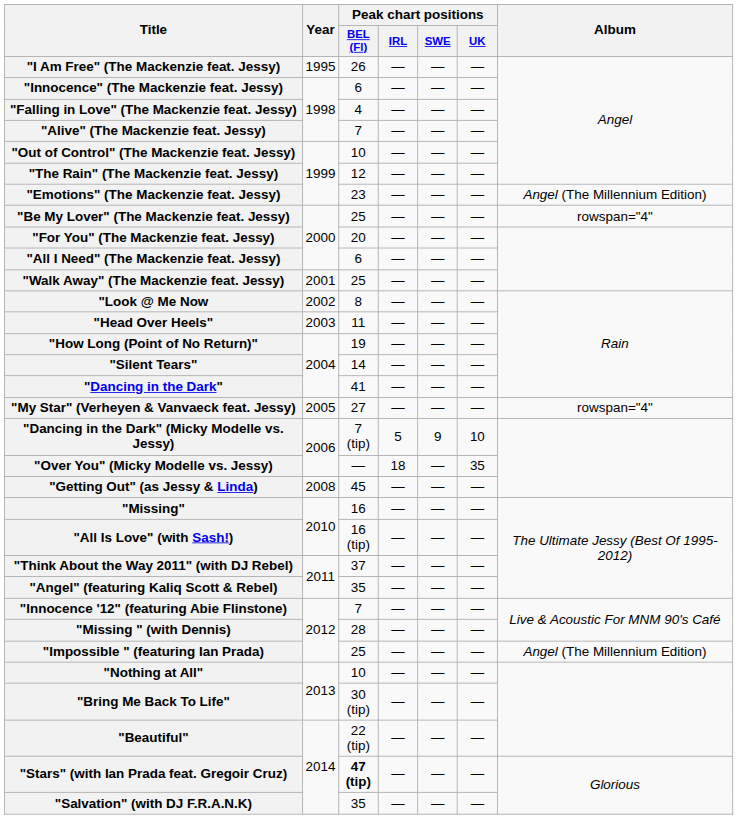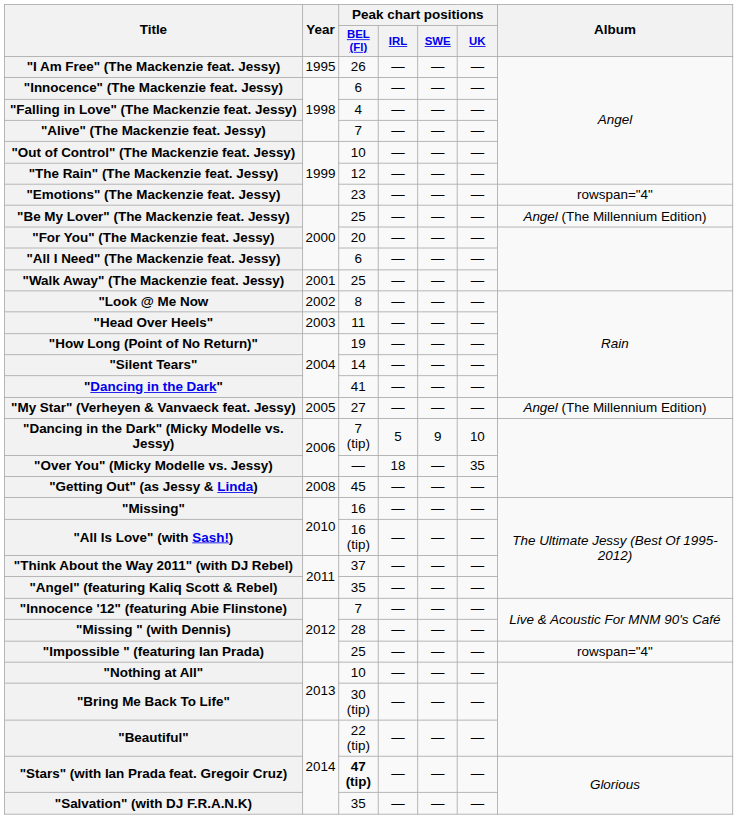 <table class="wikitable plainrowheaders" style="text-align:center;">
 <tr>
 <th scope="col" rowspan="2">Title</th>
 <th scope="col" rowspan="2">Year</th>
 <th scope="col" colspan="4">Peak chart positions</th>
 <th scope="col" rowspan="2">Album</th>
 </tr>
 <tr>
 <th scope="col" style="width:3em;font-size:85%;"><a href='#'>BEL<br>(Fl)</a><br></th>
 <th scope="col" style="width:3em;font-size:85%;"><a href='#'>IRL</a><br></th>
 <th scope="col" style="width:3em;font-size:85%;"><a href='#'>SWE</a><br></th>
 <th scope="col" style="width:3em;font-size:85%;"><a href='#'>UK</a><br></th>
 </tr>
 <tr>
 <th scope="row">"I Am Free" (The Mackenzie feat. Jessy)</th>
 <td rowspan="1">1995</td>
 <td>26</td>
 <td>—</td>
 <td>—</td>
 <td>—</td>
 <td rowspan="6"><em>Angel</em></td>
 </tr>
 <tr>
 <th scope="row">"Innocence" (The Mackenzie feat. Jessy)</th>
 <td rowspan="3">1998</td>
 <td>6</td>
 <td>—</td>
 <td>—</td>
 <td>—</td>
 </tr>
 <tr>
 <th scope="row">"Falling in Love" (The Mackenzie feat. Jessy)</th>
 <td>4</td>
 <td>—</td>
 <td>—</td>
 <td>—</td>
 </tr>
 <tr>
 <th scope="row">"Alive" (The Mackenzie feat. Jessy)</th>
 <td>7</td>
 <td>—</td>
 <td>—</td>
 <td>—</td>
 </tr>
 <tr>
 <th scope="row">"Out of Control" (The Mackenzie feat. Jessy)</th>
 <td rowspan="3">1999</td>
 <td>10</td>
 <td>—</td>
 <td>—</td>
 <td>—</td>
 </tr>
 <tr>
 <th scope="row">"The Rain" (The Mackenzie feat. Jessy)</th>
 <td>12</td>
 <td>—</td>
 <td>—</td>
 <td>—</td>
 </tr>
 <tr>
 <th scope="row">"Emotions" (The Mackenzie feat. Jessy)</th>
 <td>23</td>
 <td>—</td>
 <td>—</td>
 <td>—</td>
-<td><em>Angel</em> (The Millennium Edition)</td>
+<td>rowspan="4" </td>
 </tr>
 <tr>
 <th scope="row">"Be My Lover" (The Mackenzie feat. Jessy)</th>
 <td rowspan="3">2000</td>
 <td>25</td>
 <td>—</td>
 <td>—</td>
 <td>—</td>
-<td>rowspan="4" </td>
+<td><em>Angel</em> (The Millennium Edition)</td>
 </tr>
 <tr>
 <th scope="row">"For You" (The Mackenzie feat. Jessy)</th>
 <td>20</td>
 <td>—</td>
 <td>—</td>
 <td>—</td>
 </tr>
 <tr>
 <th scope="row">"All I Need" (The Mackenzie feat. Jessy)</th>
 <td>6</td>
 <td>—</td>
 <td>—</td>
 <td>—</td>
 </tr>
 <tr>
 <th scope="row">"Walk Away" (The Mackenzie feat. Jessy)</th>
 <td rowspan="1">2001</td>
 <td>25</td>
 <td>—</td>
 <td>—</td>
 <td>—</td>
 </tr>
 <tr>
 <th scope="row">"Look @ Me Now</th>
 <td rowspan="1">2002</td>
 <td>8</td>
 <td>—</td>
 <td>—</td>
 <td>—</td>
 <td rowspan="5"><em>Rain</em></td>
 </tr>
 <tr>
 <th scope="row">"Head Over Heels"</th>
 <td rowspan="1">2003</td>
 <td>11</td>
 <td>—</td>
 <td>—</td>
 <td>—</td>
 </tr>
 <tr>
 <th scope="row">"How Long (Point of No Return)"</th>
 <td rowspan="3">2004</td>
 <td>19</td>
 <td>—</td>
 <td>—</td>
 <td>—</td>
 </tr>
 <tr>
 <th scope="row">"Silent Tears"</th>
 <td>14</td>
 <td>—</td>
 <td>—</td>
 <td>—</td>
 </tr>
 <tr>
 <th scope="row">"<a href='#'>Dancing in the Dark</a>"</th>
 <td>41</td>
 <td>—</td>
 <td>—</td>
 <td>—</td>
 </tr>
 <tr>
 <th scope="row">"My Star" (Verheyen & Vanvaeck feat. Jessy)</th>
 <td rowspan="1">2005</td>
 <td>27</td>
 <td>—</td>
 <td>—</td>
 <td>—</td>
-<td>rowspan="4" </td>
+<td><em>Angel</em> (The Millennium Edition)</td>
 </tr>
 <tr>
 <th scope="row">"Dancing in the Dark" (Micky Modelle vs. Jessy)</th>
 <td rowspan="2">2006</td>
 <td>7 (tip)</td>
 <td>5</td>
 <td>9</td>
 <td>10</td>
 </tr>
 <tr>
 <th scope="row">"Over You" (Micky Modelle vs. Jessy)</th>
 <td>—</td>
 <td>18</td>
 <td>—</td>
 <td>35</td>
 </tr>
 <tr>
 <th scope="row">"Getting Out" (as Jessy & <a href='#'>Linda</a>)</th>
 <td rowspan="1">2008</td>
 <td>45</td>
 <td>—</td>
 <td>—</td>
 <td>—</td>
 </tr>
 <tr>
 <th scope="row">"Missing"</th>
 <td rowspan="2">2010</td>
 <td>16</td>
 <td>—</td>
 <td>—</td>
 <td>—</td>
 <td rowspan="4"><em>The Ultimate Jessy (Best Of 1995-2012)</em></td>
 </tr>
 <tr>
 <th scope="row">"All Is Love" (with <a href='#'>Sash!</a>)</th>
 <td>16 (tip)</td>
 <td>—</td>
 <td>—</td>
 <td>—</td>
 </tr>
 <tr>
 <th scope="row">"Think About the Way 2011" (with DJ Rebel)</th>
 <td rowspan="2">2011</td>
 <td>37</td>
 <td>—</td>
 <td>—</td>
 <td>—</td>
 </tr>
 <tr>
 <th scope="row">"Angel" (featuring Kaliq Scott & Rebel)</th>
 <td>35</td>
 <td>—</td>
 <td>—</td>
 <td>—</td>
 </tr>
 <tr>
 <th scope="row">"Innocence '12" (featuring Abie Flinstone)</th>
 <td rowspan="3">2012</td>
 <td>7</td>
 <td>—</td>
 <td>—</td>
 <td>—</td>
 <td rowspan="2"><em>Live & Acoustic For MNM 90's Café</em></td>
 </tr>
 <tr>
 <th scope="row">"Missing " (with Dennis)</th>
 <td>28</td>
 <td>—</td>
 <td>—</td>
 <td>—</td>
 </tr>
 <tr>
 <th scope="row">"Impossible " (featuring Ian Prada)</th>
 <td>25</td>
 <td>—</td>
 <td>—</td>
 <td>—</td>
-<td><em>Angel</em> (The Millennium Edition)</td>
+<td>rowspan="4" </td>
 </tr>
 <tr>
 <th scope="row">"Nothing at All"</th>
 <td rowspan="2">2013</td>
 <td>10</td>
 <td>—</td>
 <td>—</td>
 <td>—</td>
 </tr>
 <tr>
 <th scope="row">"Bring Me Back To Life"</th>
 <td>30 (tip)</td>
 <td>—</td>
 <td>—</td>
 <td>—</td>
 </tr>
 <tr>
 <th scope="row">"Beautiful"</th>
 <td rowspan="3">2014</td>
 <td>22 (tip)</td>
 <td>—</td>
 <td>—</td>
 <td>—</td>
 </tr>
 <tr>
 <th scope="row">"Stars" (with Ian Prada feat. Gregoir Cruz)</th>
 <td><strong>47 (tip)</strong></td>
 <td>—</td>
 <td>—</td>
 <td>—</td>
 <td rowspan="2"><em>Glorious</em></td>
 </tr>
 <tr>
 <th scope="row">"Salvation"  (with DJ F.R.A.N.K)</th>
 <td>35</td>
 <td>—</td>
 <td>—</td>
 <td>—</td>
 </tr>
 </table>
